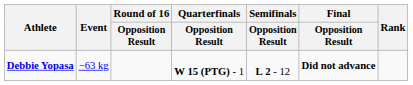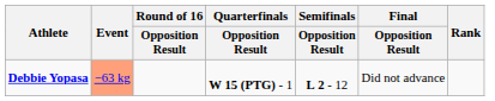 <table class="wikitable" style="font-size:90%;">
 <tr>
 <th rowspan=2>Athlete</th>
 <th rowspan=2>Event</th>
 <th>Round of 16</th>
 <th>Quarterfinals</th>
 <th>Semifinals</th>
 <th>Final</th>
 <th rowspan=2>Rank</th>
 </tr>
 <tr style="font-size:95%">
 <th>Opposition<br>Result</th>
 <th>Opposition<br>Result</th>
 <th>Opposition<br>Result</th>
 <th>Opposition<br>Result</th>
 </tr>
 <tr align=center>
 <td align=left><strong><a href='#'>Debbie Yopasa</a></strong></td>
-<td align=left><a href='#'>−63 kg</a></td>
+<td align=left style="background: lightsalmon;"><a href='#'>−63 kg</a></td>
 <td></td>
 <td><br><strong>W</strong> <strong>15 (PTG)</strong> - 1</td>
 <td><br><strong>L</strong> <strong>2</strong> - 12</td>
-<td><strong>Did not advance</strong></td>
+<td>Did not advance</td>
 <td></td>
 </tr>
 </table>
